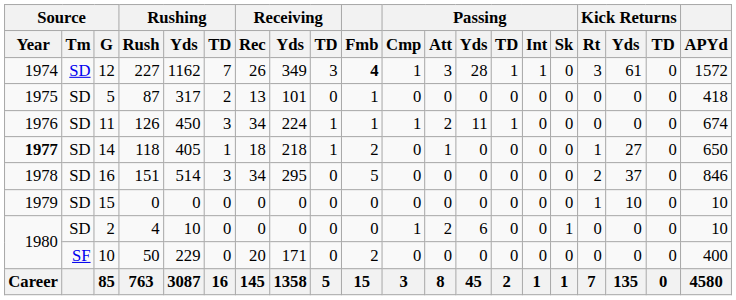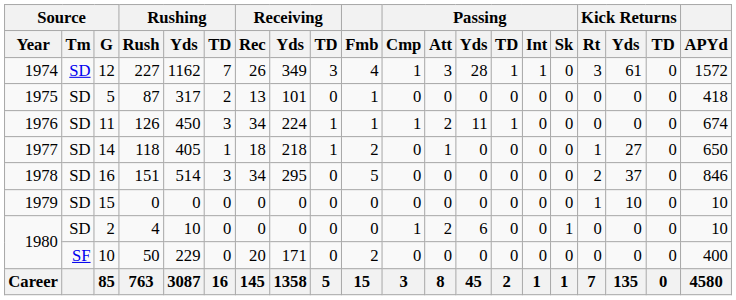 <table class="wikitable" style="text-align: right">
 <tr>
 <th colspan=3>Source</th>
 <th colspan=3>Rushing</th>
 <th colspan=3>Receiving</th>
 <th></th>
 <th colspan=6>Passing</th>
 <th colspan=3>Kick Returns</th>
 <th></th>
 </tr>
 <tr>
 <th>Year</th>
 <th>Tm</th>
 <th>G</th>
 <th>Rush</th>
 <th>Yds</th>
 <th>TD</th>
 <th>Rec</th>
 <th>Yds</th>
 <th>TD</th>
 <th>Fmb</th>
 <th>Cmp</th>
 <th>Att</th>
 <th>Yds</th>
 <th>TD</th>
 <th>Int</th>
 <th>Sk</th>
 <th>Rt</th>
 <th>Yds</th>
 <th>TD</th>
 <th>APYd</th>
 </tr>
 <tr>
 <td>1974</td>
 <td><a href='#'>SD</a></td>
 <td>12</td>
 <td>227</td>
 <td>1162</td>
 <td>7</td>
 <td>26</td>
 <td>349</td>
 <td>3</td>
-<td><strong>4</strong></td>
+<td>4</td>
 <td>1</td>
 <td>3</td>
 <td>28</td>
 <td>1</td>
 <td>1</td>
 <td>0</td>
 <td>3</td>
 <td>61</td>
 <td>0</td>
 <td>1572</td>
 </tr>
 <tr>
 <td>1975</td>
 <td>SD</td>
 <td>5</td>
 <td>87</td>
 <td>317</td>
 <td>2</td>
 <td>13</td>
 <td>101</td>
 <td>0</td>
 <td>1</td>
 <td>0</td>
 <td>0</td>
 <td>0</td>
 <td>0</td>
 <td>0</td>
 <td>0</td>
 <td>0</td>
 <td>0</td>
 <td>0</td>
 <td>418</td>
 </tr>
 <tr>
 <td>1976</td>
 <td>SD</td>
 <td>11</td>
 <td>126</td>
 <td>450</td>
 <td>3</td>
 <td>34</td>
 <td>224</td>
 <td>1</td>
 <td>1</td>
 <td>1</td>
 <td>2</td>
 <td>11</td>
 <td>1</td>
 <td>0</td>
 <td>0</td>
 <td>0</td>
 <td>0</td>
 <td>0</td>
 <td>674</td>
 </tr>
 <tr>
-<td><strong>1977</strong></td>
+<td>1977</td>
 <td>SD</td>
 <td>14</td>
 <td>118</td>
 <td>405</td>
 <td>1</td>
 <td>18</td>
 <td>218</td>
 <td>1</td>
 <td>2</td>
 <td>0</td>
 <td>1</td>
 <td>0</td>
 <td>0</td>
 <td>0</td>
 <td>0</td>
 <td>1</td>
 <td>27</td>
 <td>0</td>
 <td>650</td>
 </tr>
 <tr>
 <td>1978</td>
 <td>SD</td>
 <td>16</td>
 <td>151</td>
 <td>514</td>
 <td>3</td>
 <td>34</td>
 <td>295</td>
 <td>0</td>
 <td>5</td>
 <td>0</td>
 <td>0</td>
 <td>0</td>
 <td>0</td>
 <td>0</td>
 <td>0</td>
 <td>2</td>
 <td>37</td>
 <td>0</td>
 <td>846</td>
 </tr>
 <tr>
 <td>1979</td>
 <td>SD</td>
 <td>15</td>
 <td>0</td>
 <td>0</td>
 <td>0</td>
 <td>0</td>
 <td>0</td>
 <td>0</td>
 <td>0</td>
 <td>0</td>
 <td>0</td>
 <td>0</td>
 <td>0</td>
 <td>0</td>
 <td>0</td>
 <td>1</td>
 <td>10</td>
 <td>0</td>
 <td>10</td>
 </tr>
 <tr>
 <td rowspan=2>1980</td>
 <td>SD</td>
 <td>2</td>
 <td>4</td>
 <td>10</td>
 <td>0</td>
 <td>0</td>
 <td>0</td>
 <td>0</td>
 <td>0</td>
 <td>1</td>
 <td>2</td>
 <td>6</td>
 <td>0</td>
 <td>0</td>
 <td>1</td>
 <td>0</td>
 <td>0</td>
 <td>0</td>
 <td>10</td>
 </tr>
 <tr>
 <td><a href='#'>SF</a></td>
 <td>10</td>
 <td>50</td>
 <td>229</td>
 <td>0</td>
 <td>20</td>
 <td>171</td>
 <td>0</td>
 <td>2</td>
 <td>0</td>
 <td>0</td>
 <td>0</td>
 <td>0</td>
 <td>0</td>
 <td>0</td>
 <td>0</td>
 <td>0</td>
 <td>0</td>
 <td>400</td>
 </tr>
 <tr>
 <th>Career</th>
 <th></th>
 <th>85</th>
 <th>763</th>
 <th>3087</th>
 <th>16</th>
 <th>145</th>
 <th>1358</th>
 <th>5</th>
 <th>15</th>
 <th>3</th>
 <th>8</th>
 <th>45</th>
 <th>2</th>
 <th>1</th>
 <th>1</th>
 <th>7</th>
 <th>135</th>
 <th>0</th>
 <th>4580</th>
 </tr>
 </table>
